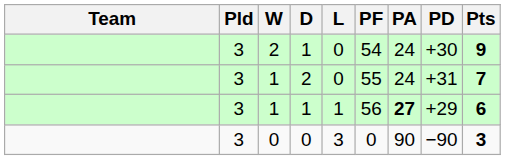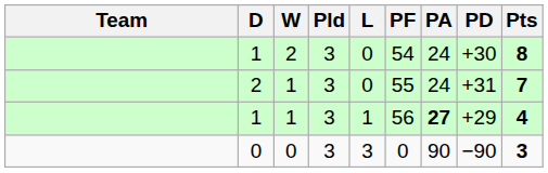 <table class="wikitable" style="text-align:center;">
 <tr>
 <th width=175>Team</th>
+<th width=20 abbr="Drawn">D</th>
+<th width=20 abbr="Won">W</th>
 <th width=20 abbr="Played">Pld</th>
-<th width=20 abbr="Won">W</th>
-<th width=20 abbr="Drawn">D</th>
 <th width=20 abbr="Lost">L</th>
 <th width=20 abbr="Points for">PF</th>
 <th width=20 abbr="Points against">PA</th>
 <th width=25 abbr="Points difference">PD</th>
 <th width=20 abbr="Points">Pts</th>
 </tr>
 <tr bgcolor=ccffcc>
 <td align=left></td>
+<td>1</td>
+<td>2</td>
 <td>3</td>
-<td>2</td>
-<td>1</td>
 <td>0</td>
 <td>54</td>
 <td>24</td>
 <td>+30</td>
-<td><strong>9</strong></td>
+<td><strong>8</strong></td>
 </tr>
 <tr bgcolor=ccffcc>
 <td align=left></td>
+<td>2</td>
+<td>1</td>
 <td>3</td>
-<td>1</td>
-<td>2</td>
 <td>0</td>
 <td>55</td>
 <td>24</td>
 <td>+31</td>
 <td><strong>7</strong></td>
 </tr>
 <tr bgcolor=ccffcc>
 <td align=left></td>
-<td>3</td>
 <td>1</td>
 <td>1</td>
+<td>3</td>
 <td>1</td>
 <td>56</td>
 <td><strong>27</strong></td>
 <td>+29</td>
-<td><strong>6</strong></td>
+<td><strong>4</strong></td>
 </tr>
 <tr>
 <td align=left></td>
-<td>3</td>
 <td>0</td>
 <td>0</td>
+<td>3</td>
 <td>3</td>
 <td>0</td>
 <td>90</td>
 <td>−90</td>
 <td><strong>3</strong></td>
 </tr>
 </table>
